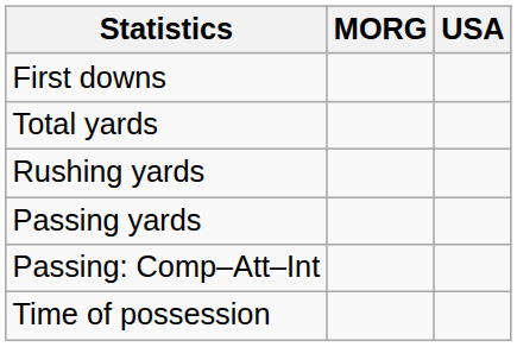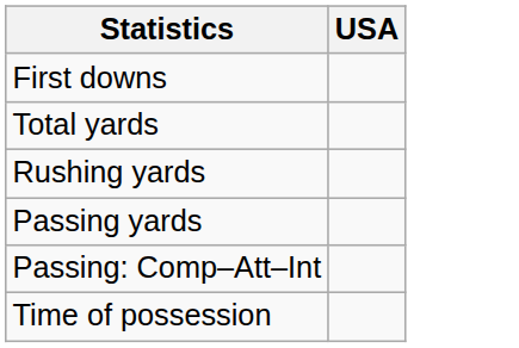 <table class="wikitable" style="float: left;">
 <tr>
 <th>Statistics</th>
-<th>MORG</th>
 <th>USA</th>
 </tr>
 <tr>
 <td>First downs</td>
 <td></td>
-<td></td>
 </tr>
 <tr>
 <td>Total yards</td>
-<td></td>
 <td></td>
 </tr>
 <tr>
 <td>Rushing yards</td>
 <td></td>
-<td></td>
 </tr>
 <tr>
 <td>Passing yards</td>
-<td></td>
 <td></td>
 </tr>
 <tr>
 <td>Passing: Comp–Att–Int</td>
 <td></td>
-<td></td>
 </tr>
 <tr>
 <td>Time of possession</td>
 <td></td>
-<td></td>
 </tr>
 </table>
